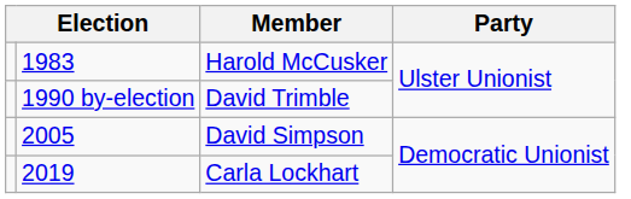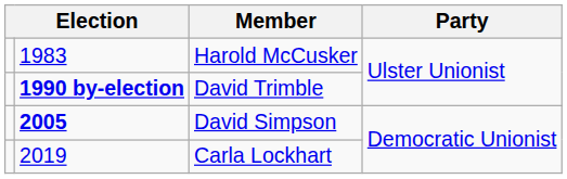 <table class="wikitable">
 <tr>
 <th colspan="2">Election</th>
 <th>Member</th>
 <th>Party</th>
 </tr>
 <tr>
 <td style="color:inherit;background-color: "></td>
 <td><a href='#'>1983</a></td>
 <td><a href='#'>Harold McCusker</a></td>
 <td rowspan="2"><a href='#'>Ulster Unionist</a></td>
 </tr>
 <tr>
 <td style="color:inherit;background-color: "></td>
-<td><a href='#'>1990 by-election</a></td>
+<td><strong><a href='#'>1990 by-election</a></strong></td>
 <td><a href='#'>David Trimble</a></td>
 </tr>
 <tr>
 <td style="color:inherit;background-color: "></td>
-<td><a href='#'>2005</a></td>
+<td><strong><a href='#'>2005</a></strong></td>
 <td><a href='#'>David Simpson</a></td>
 <td rowspan="2"><a href='#'>Democratic Unionist</a></td>
 </tr>
 <tr>
 <td style="color:inherit;background-color: "></td>
 <td><a href='#'>2019</a></td>
 <td><a href='#'>Carla Lockhart</a></td>
 </tr>
 </table>
